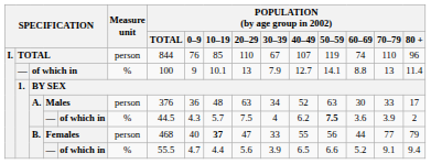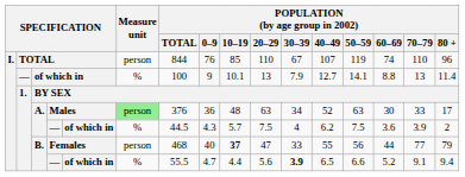 <table class="wikitable" style="font-size:85%; text-align:center">
 <tr>
 <th rowspan="2" colspan="5">SPECIFICATION</th>
 <th rowspan="2">Measure<br> unit</th>
 <th colspan="10" rowspan="1">POPULATION<br> (by age group in 2002)</th>
 </tr>
 <tr>
 <th>TOTAL</th>
 <th>0–9</th>
 <th>10–19</th>
 <th>20–29</th>
 <th>30–39</th>
 <th>40–49</th>
 <th>50–59</th>
 <th>60–69</th>
 <th>70–79</th>
 <th>80 +</th>
 </tr>
 <tr>
 <th style="text-align:left" valign="top" rowspan="7">I.</th>
 <th style="text-align:left" colspan="4">TOTAL</th>
 <td>person</td>
 <td>844</td>
 <td>76</td>
 <td>85</td>
 <td>110</td>
 <td>67</td>
 <td>107</td>
 <td>119</td>
 <td>74</td>
 <td>110</td>
 <td>96</td>
 </tr>
 <tr>
 <th style="text-align:left" valign="top">—</th>
 <th style="text-align:left" colspan="3">of which in</th>
 <td>%</td>
 <td>100</td>
 <td>9</td>
 <td>10.1</td>
 <td>13</td>
 <td>7.9</td>
 <td>12.7</td>
 <td>14.1</td>
 <td>8.8</td>
 <td>13</td>
 <td>11.4</td>
 </tr>
 <tr>
 <th style="text-align:left" valign="top" rowspan="5">1.</th>
 <th style="text-align:left" colspan="14">BY SEX</th>
 </tr>
 <tr>
 <th style="text-align:left" valign="top" rowspan="2">A.</th>
 <th style="text-align:left" colspan="2">Males</th>
-<td>person</td>
+<td style="background: lightgreen;">person</td>
 <td>376</td>
 <td>36</td>
 <td>48</td>
 <td>63</td>
 <td>34</td>
 <td>52</td>
 <td>63</td>
 <td>30</td>
 <td>33</td>
 <td>17</td>
 </tr>
 <tr>
 <th style="text-align:left" valign="top">—</th>
 <th style="text-align:left" colspan="1">of which in</th>
 <td>%</td>
 <td>44.5</td>
 <td>4.3</td>
 <td>5.7</td>
 <td>7.5</td>
 <td>4</td>
 <td>6.2</td>
-<td><strong>7.5</strong></td>
+<td>7.5</td>
 <td>3.6</td>
 <td>3.9</td>
 <td>2</td>
 </tr>
 <tr>
 <th style="text-align:left" valign="top" rowspan="2">B.</th>
 <th style="text-align:left" colspan="2">Females</th>
 <td>person</td>
 <td>468</td>
 <td>40</td>
 <td><strong>37</strong></td>
 <td>47</td>
 <td>33</td>
 <td>55</td>
 <td>56</td>
 <td>44</td>
 <td>77</td>
 <td>79</td>
 </tr>
 <tr>
 <th style="text-align:left" valign="top">—</th>
 <th style="text-align:left" colspan="1">of which in</th>
 <td>%</td>
 <td>55.5</td>
 <td>4.7</td>
 <td>4.4</td>
 <td>5.6</td>
-<td>3.9</td>
+<td><strong>3.9</strong></td>
 <td>6.5</td>
 <td>6.6</td>
 <td>5.2</td>
 <td>9.1</td>
 <td>9.4</td>
 </tr>
 </table>
